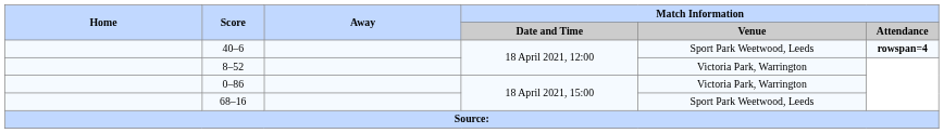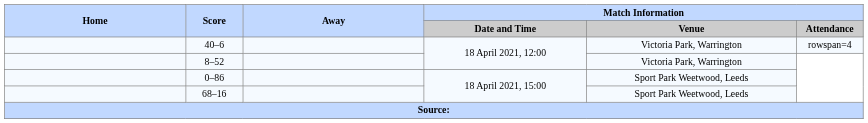 <table border=1 style="border-collapse:collapse; font-size:90%; text-align:center;" cellpadding=3 cellspacing=0 width=100%>
 <tr style="background:#C1D8ff;">
 <th scope="col" rowspan=2 width=19%>Home</th>
 <th scope="col" rowspan=2 width=6%>Score</th>
 <th scope="col" rowspan=2 width=19%>Away</th>
 <th colspan=4>Match Information</th>
 </tr>
 <tr style="background:#CCCCCC;">
 <th scope="col" width=17%>Date and Time</th>
 <th scope="col" width=22%>Venue</th>
 <th scope="col" width=7%>Attendance</th>
 </tr>
 <tr style="background:#F5FAFF;">
 <td></td>
 <td>40–6</td>
 <td></td>
 <td Rowspan=2>18 April 2021, 12:00</td>
-<td>Sport Park Weetwood, Leeds</td>
-<td><strong>rowspan=4</strong></td>
+<td>Victoria Park, Warrington</td>
+<td>rowspan=4</td>
 </tr>
 <tr style="background:#F5FAFF;">
 <td></td>
 <td>8–52</td>
 <td></td>
 <td>Victoria Park, Warrington</td>
 </tr>
 <tr style="background:#F5FAFF;">
 <td></td>
 <td>0–86</td>
 <td></td>
 <td Rowspan=2>18 April 2021, 15:00</td>
-<td>Victoria Park, Warrington</td>
+<td>Sport Park Weetwood, Leeds</td>
 </tr>
 <tr style="background:#F5FAFF;">
 <td></td>
 <td>68–16</td>
 <td></td>
 <td>Sport Park Weetwood, Leeds</td>
 </tr>
 <tr style="background:#c1d8ff;">
 <th colspan=7>Source:</th>
 </tr>
 </table>
